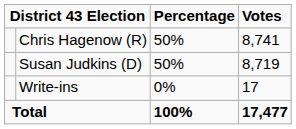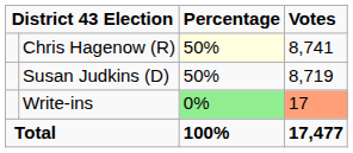 <table class="wikitable">
 <tr>
 <td colspan="2" rowspan="1" align="center" valign="top"><strong>District 43 Election</strong></td>
 <td style="vertical-align:top;"><strong>Percentage</strong></td>
 <td style="vertical-align:top;"><strong>Votes</strong></td>
 </tr>
 <tr>
 <td style="background-color:"> </td>
 <td>Chris Hagenow (R)</td>
-<td>50%</td>
+<td style="background: lightyellow;">50%</td>
 <td>8,741</td>
 </tr>
 <tr>
 <td style="background-color:"> </td>
 <td>Susan Judkins (D)</td>
 <td>50%</td>
 <td>8,719</td>
 </tr>
 <tr>
 <td style="background-color:"> </td>
 <td>Write-ins</td>
-<td>0%</td>
-<td>17</td>
+<td style="background: lightgreen;">0%</td>
+<td style="background: lightsalmon;">17</td>
 </tr>
 <tr>
 <td colspan="2" rowspan="1"> <strong>Total</strong></td>
 <td><strong>100%</strong></td>
 <td><strong>17,477</strong></td>
 </tr>
 </table>
